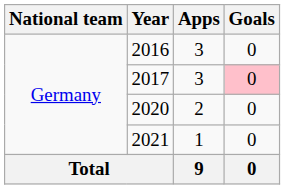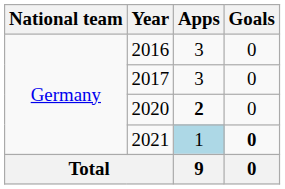 <table class="wikitable" style="text-align: center;">
 <tr>
 <th>National team</th>
 <th>Year</th>
 <th>Apps</th>
 <th>Goals</th>
 </tr>
 <tr>
 <td rowspan="4"><a href='#'>Germany</a></td>
 <td>2016</td>
 <td>3</td>
 <td>0</td>
 </tr>
 <tr>
 <td>2017</td>
 <td>3</td>
-<td style="background: pink;">0</td>
+<td>0</td>
 </tr>
 <tr>
 <td>2020</td>
-<td>2</td>
+<td><strong>2</strong></td>
 <td>0</td>
 </tr>
 <tr>
 <td>2021</td>
-<td>1</td>
-<td>0</td>
+<td style="background: lightblue;">1</td>
+<td><strong>0</strong></td>
 </tr>
 <tr>
 <th colspan="2">Total</th>
 <th>9</th>
 <th>0</th>
 </tr>
 </table>
